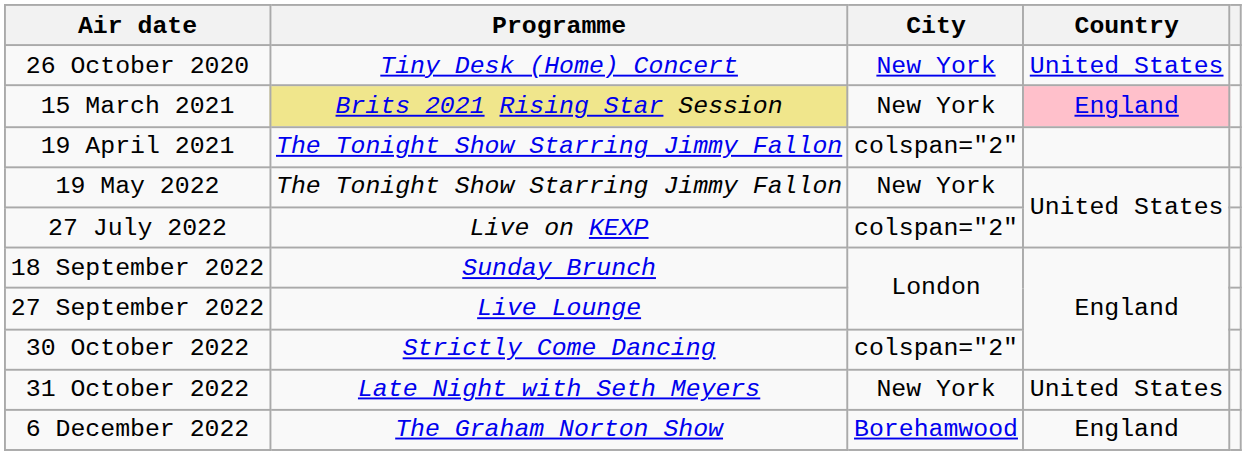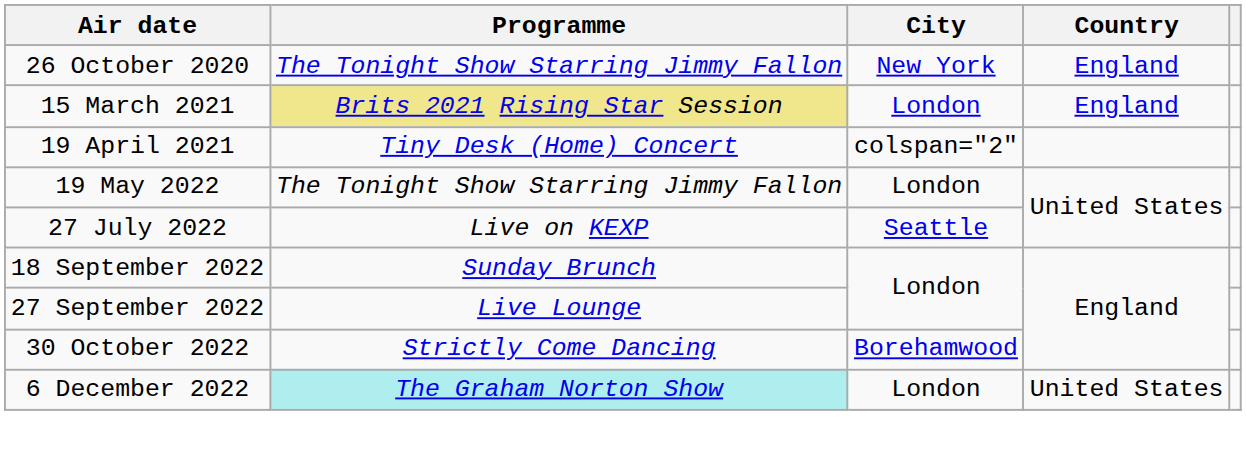 <table class="wikitable" style="text-align:center;">
 <tr>
 <th>Air date</th>
 <th>Programme</th>
 <th>City</th>
 <th>Country</th>
 <th></th>
 </tr>
 <tr>
 <td>26 October 2020</td>
-<td><em><a href='#'>Tiny Desk (Home) Concert</a></em></td>
+<td><em><a href='#'>The Tonight Show Starring Jimmy Fallon</a></em></td>
 <td><a href='#'>New York</a></td>
-<td><a href='#'>United States</a></td>
+<td><a href='#'>England</a></td>
 <td></td>
 </tr>
 <tr>
 <td>15 March 2021</td>
 <td style="background: khaki;"><em><a href='#'>Brits 2021</a> <a href='#'>Rising Star</a> Session</em></td>
-<td>New York</td>
-<td style="background: pink;"><a href='#'>England</a></td>
+<td><a href='#'>London</a></td>
+<td><a href='#'>England</a></td>
 <td></td>
 </tr>
 <tr>
 <td>19 April 2021</td>
-<td><em><a href='#'>The Tonight Show Starring Jimmy Fallon</a></em></td>
+<td><em><a href='#'>Tiny Desk (Home) Concert</a></em></td>
 <td>colspan="2" </td>
 <td></td>
 </tr>
 <tr>
 <td>19 May 2022</td>
 <td><em>The Tonight Show Starring Jimmy Fallon</em></td>
-<td>New York</td>
+<td>London</td>
 <td rowspan="2">United States</td>
 <td></td>
 </tr>
 <tr>
 <td>27 July 2022</td>
 <td><em>Live on <a href='#'>KEXP</a></em></td>
-<td>colspan="2" </td>
+<td><a href='#'>Seattle</a></td>
 <td></td>
 </tr>
 <tr>
 <td>18 September 2022</td>
 <td><em><a href='#'>Sunday Brunch</a></em></td>
 <td rowspan="2">London</td>
 <td rowspan="3">England</td>
 <td></td>
 </tr>
 <tr>
 <td>27 September 2022</td>
 <td><em><a href='#'>Live Lounge</a></em></td>
 <td></td>
 </tr>
 <tr>
 <td>30 October 2022</td>
 <td><em><a href='#'>Strictly Come Dancing</a></em></td>
-<td>colspan="2" </td>
-<td></td>
-</tr>
-<tr>
-<td>31 October 2022</td>
-<td><em><a href='#'>Late Night with Seth Meyers</a></em></td>
-<td>New York</td>
-<td>United States</td>
+<td><a href='#'>Borehamwood</a></td>
 <td></td>
 </tr>
 <tr>
 <td>6 December 2022</td>
-<td><em><a href='#'>The Graham Norton Show</a></em></td>
-<td><a href='#'>Borehamwood</a></td>
-<td>England</td>
+<td style="background: paleturquoise;"><em><a href='#'>The Graham Norton Show</a></em></td>
+<td>London</td>
+<td>United States</td>
 <td></td>
 </tr>
 </table>
